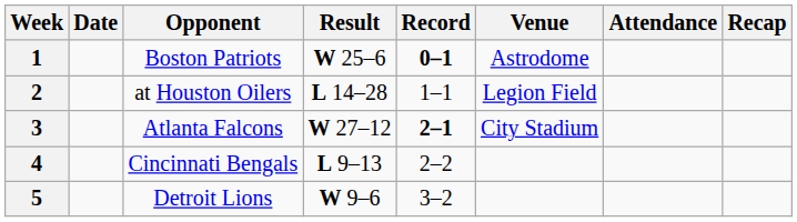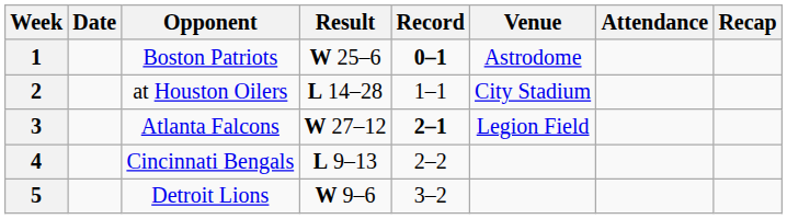 <table class="wikitable" style="text-align:center">
 <tr>
 <th>Week</th>
 <th>Date</th>
 <th>Opponent</th>
 <th>Result</th>
 <th>Record</th>
 <th>Venue</th>
 <th>Attendance</th>
 <th>Recap</th>
 </tr>
 <tr -style="background: #fcc;">
 <th>1</th>
 <td></td>
 <td><a href='#'>Boston Patriots</a></td>
 <td><strong>W</strong> 25–6</td>
 <td><strong>0–1</strong></td>
 <td><a href='#'>Astrodome</a></td>
 <td></td>
 <td></td>
 </tr>
 <tr -style="background: #cfc;">
 <th>2</th>
 <td></td>
 <td>at <a href='#'>Houston Oilers</a></td>
 <td><strong>L</strong> 14–28</td>
 <td>1–1</td>
-<td><a href='#'>Legion Field</a></td>
+<td><a href='#'>City Stadium</a></td>
 <td></td>
 <td></td>
 </tr>
 <tr -style="background: #cfc">
 <th>3</th>
 <td></td>
 <td><a href='#'>Atlanta Falcons</a></td>
 <td><strong>W</strong> 27–12</td>
 <td><strong>2–1</strong></td>
-<td><a href='#'>City Stadium</a></td>
+<td><a href='#'>Legion Field</a></td>
 <td></td>
 <td></td>
 </tr>
 <tr -style="background: #fcc;">
 <th>4</th>
 <td></td>
 <td><a href='#'>Cincinnati Bengals</a></td>
 <td><strong>L</strong> 9–13</td>
 <td>2–2</td>
 <td></td>
 <td></td>
 <td></td>
 </tr>
 <tr -style="background: #cfc;">
 <th>5</th>
 <td></td>
 <td><a href='#'>Detroit Lions</a></td>
 <td><strong>W</strong> 9–6</td>
 <td>3–2</td>
 <td></td>
 <td></td>
 <td></td>
 </tr>
 </table>
